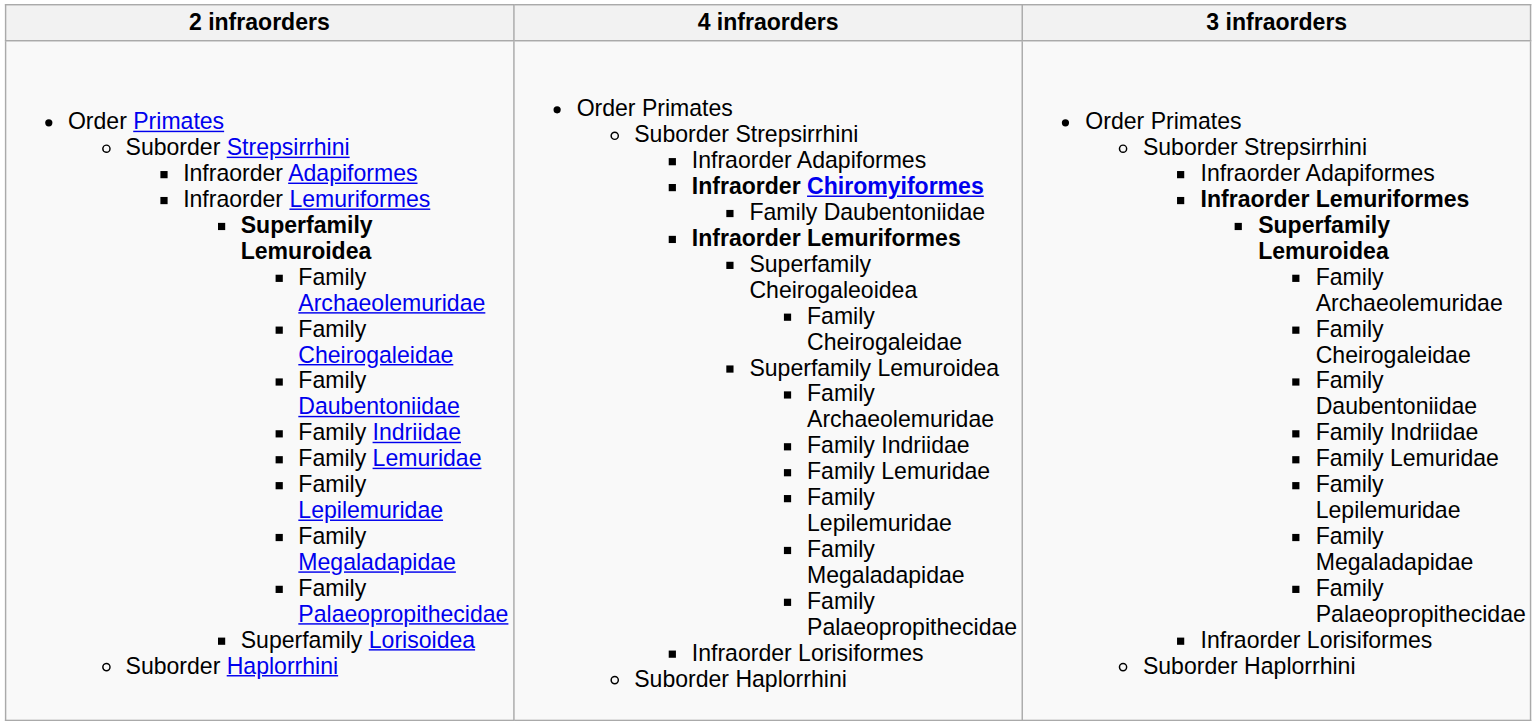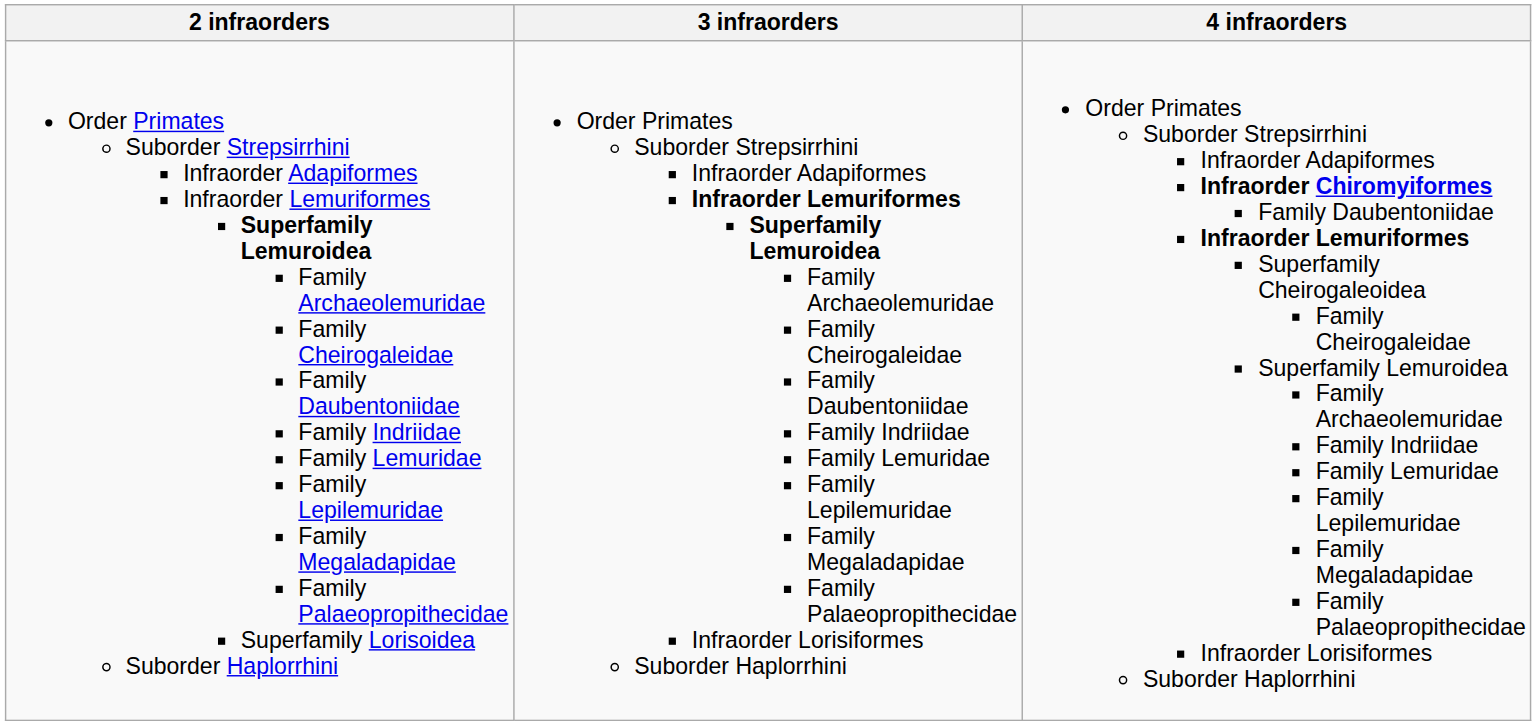 <table class="wikitable" style="margin: 1em auto 1em auto" border="1" width="950pt">
 <tr>
 <th>2 infraorders</th>
+<th>3 infraorders</th>
 <th>4 infraorders</th>
-<th>3 infraorders</th>
 </tr>
 <tr>
 <td><br><ul><li>Order <a href='#'>Primates</a><ul><li>Suborder <a href='#'>Strepsirrhini</a><ul><li>Infraorder <a href='#'>Adapiformes</a></li><li>Infraorder <a href='#'>Lemuriformes</a><ul><li><strong>Superfamily Lemuroidea</strong><ul><li>Family <a href='#'>Archaeolemuridae</a></li><li>Family <a href='#'>Cheirogaleidae</a></li><li>Family <a href='#'>Daubentoniidae</a></li><li>Family <a href='#'>Indriidae</a></li><li>Family <a href='#'>Lemuridae</a></li><li>Family <a href='#'>Lepilemuridae</a></li><li>Family <a href='#'>Megaladapidae</a></li><li>Family <a href='#'>Palaeopropithecidae</a></li></ul></li><li>Superfamily <a href='#'>Lorisoidea</a></li></ul></li></ul></li><li>Suborder <a href='#'>Haplorrhini</a></li></ul></li></ul></td>
+<td><br><ul><li>Order Primates<ul><li>Suborder Strepsirrhini<ul><li>Infraorder Adapiformes</li><li><strong>Infraorder Lemuriformes</strong><ul><li><strong>Superfamily Lemuroidea</strong><ul><li>Family Archaeolemuridae</li><li>Family Cheirogaleidae</li><li>Family Daubentoniidae</li><li>Family Indriidae</li><li>Family Lemuridae</li><li>Family Lepilemuridae</li><li>Family Megaladapidae</li><li>Family Palaeopropithecidae</li></ul></li></ul></li><li>Infraorder Lorisiformes</li></ul></li><li>Suborder Haplorrhini</li></ul></li></ul></td>
 <td><br><ul><li>Order Primates<ul><li>Suborder Strepsirrhini<ul><li>Infraorder Adapiformes</li><li><strong>Infraorder <a href='#'>Chiromyiformes</a></strong><ul><li>Family Daubentoniidae</li></ul></li><li><strong>Infraorder Lemuriformes</strong><ul><li>Superfamily Cheirogaleoidea<ul><li>Family Cheirogaleidae</li></ul></li><li>Superfamily Lemuroidea<ul><li>Family Archaeolemuridae</li><li>Family Indriidae</li><li>Family Lemuridae</li><li>Family Lepilemuridae</li><li>Family Megaladapidae</li><li>Family Palaeopropithecidae</li></ul></li></ul></li><li>Infraorder Lorisiformes</li></ul></li><li>Suborder Haplorrhini</li></ul></li></ul></td>
-<td><br><ul><li>Order Primates<ul><li>Suborder Strepsirrhini<ul><li>Infraorder Adapiformes</li><li><strong>Infraorder Lemuriformes</strong><ul><li><strong>Superfamily Lemuroidea</strong><ul><li>Family Archaeolemuridae</li><li>Family Cheirogaleidae</li><li>Family Daubentoniidae</li><li>Family Indriidae</li><li>Family Lemuridae</li><li>Family Lepilemuridae</li><li>Family Megaladapidae</li><li>Family Palaeopropithecidae</li></ul></li></ul></li><li>Infraorder Lorisiformes</li></ul></li><li>Suborder Haplorrhini</li></ul></li></ul></td>
 </tr>
 </table>
